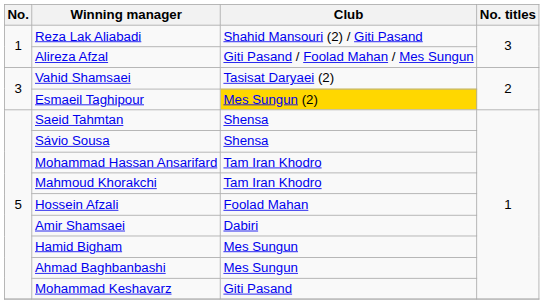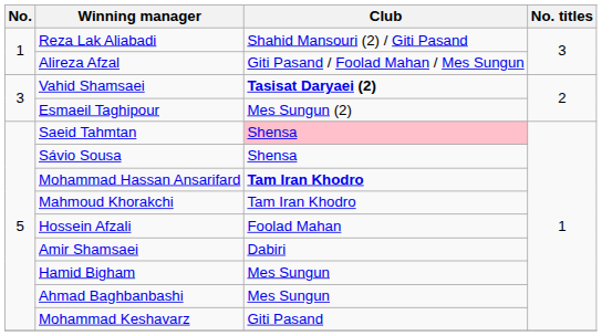 <table class="sortable wikitable">
 <tr>
 <th>No.</th>
 <th>Winning manager</th>
 <th>Club</th>
 <th>No. titles</th>
 </tr>
 <tr>
 <td align="center" rowspan=2>1</td>
 <td> <a href='#'>Reza Lak Aliabadi</a></td>
 <td><a href='#'>Shahid Mansouri</a> (2) / <a href='#'>Giti Pasand</a></td>
 <td align="center" rowspan=2>3</td>
 </tr>
 <tr>
 <td> <a href='#'>Alireza Afzal</a></td>
 <td><a href='#'>Giti Pasand</a> / <a href='#'>Foolad Mahan</a> / <a href='#'>Mes Sungun</a></td>
 </tr>
 <tr>
 <td align="center" rowspan=2>3</td>
 <td> <a href='#'>Vahid Shamsaei</a></td>
-<td><a href='#'>Tasisat Daryaei</a> (2)</td>
+<td><strong><a href='#'>Tasisat Daryaei</a> (2)</strong></td>
 <td align="center" rowspan=2>2</td>
 </tr>
 <tr>
 <td> <a href='#'>Esmaeil Taghipour</a></td>
-<td style="background: gold;"><a href='#'>Mes Sungun</a> (2)</td>
+<td><a href='#'>Mes Sungun</a> (2)</td>
 </tr>
 <tr>
 <td align="center" rowspan=9>5</td>
 <td> <a href='#'>Saeid Tahmtan</a></td>
-<td><a href='#'>Shensa</a></td>
+<td style="background: pink;"><a href='#'>Shensa</a></td>
 <td align="center" rowspan=9>1</td>
 </tr>
 <tr>
 <td> <a href='#'>Sávio Sousa</a></td>
 <td><a href='#'>Shensa</a></td>
 </tr>
 <tr>
 <td> <a href='#'>Mohammad Hassan Ansarifard</a></td>
-<td><a href='#'>Tam Iran Khodro</a></td>
+<td><strong><a href='#'>Tam Iran Khodro</a></strong></td>
 </tr>
 <tr>
 <td> <a href='#'>Mahmoud Khorakchi</a></td>
 <td><a href='#'>Tam Iran Khodro</a></td>
 </tr>
 <tr>
 <td> <a href='#'>Hossein Afzali</a></td>
 <td><a href='#'>Foolad Mahan</a></td>
 </tr>
 <tr>
 <td> <a href='#'>Amir Shamsaei</a></td>
 <td><a href='#'>Dabiri</a></td>
 </tr>
 <tr>
 <td> <a href='#'>Hamid Bigham</a></td>
 <td><a href='#'>Mes Sungun</a></td>
 </tr>
 <tr>
 <td> <a href='#'>Ahmad Baghbanbashi</a></td>
 <td><a href='#'>Mes Sungun</a></td>
 </tr>
 <tr>
 <td> <a href='#'>Mohammad Keshavarz</a></td>
 <td><a href='#'>Giti Pasand</a></td>
 </tr>
 <tr>
 </tr>
 </table>
